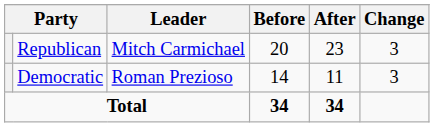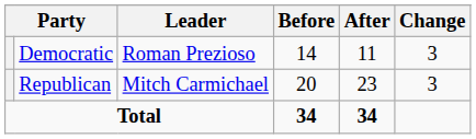 <table class="wikitable" style="text-align:center;">
 <tr>
 </tr>
 <tr>
 <th colspan=2>Party</th>
 <th>Leader</th>
 <th>Before</th>
 <th>After</th>
 <th>Change</th>
 </tr>
 <tr>
 <th style="background-color:"></th>
+<td style="text-align:left;"><a href='#'>Democratic</a></td>
+<td style="text-align:left;"><a href='#'>Roman Prezioso</a></td>
+<td>14</td>
+<td>11</td>
+<td> 3</td>
+</tr>
+<tr>
+<th style="background-color:"></th>
 <td style="text-align:left;"><a href='#'>Republican</a></td>
 <td style="text-align:left;"><a href='#'>Mitch Carmichael</a></td>
 <td>20</td>
 <td>23</td>
-<td> 3</td>
-</tr>
-<tr>
-<th style="background-color:"></th>
-<td style="text-align:left;"><a href='#'>Democratic</a></td>
-<td style="text-align:left;"><a href='#'>Roman Prezioso</a></td>
-<td>14</td>
-<td>11</td>
 <td> 3</td>
 </tr>
 <tr>
 <td colspan=3><strong>Total</strong></td>
 <td><strong>34</strong></td>
 <td><strong>34</strong></td>
 <td></td>
 </tr>
 </table>
